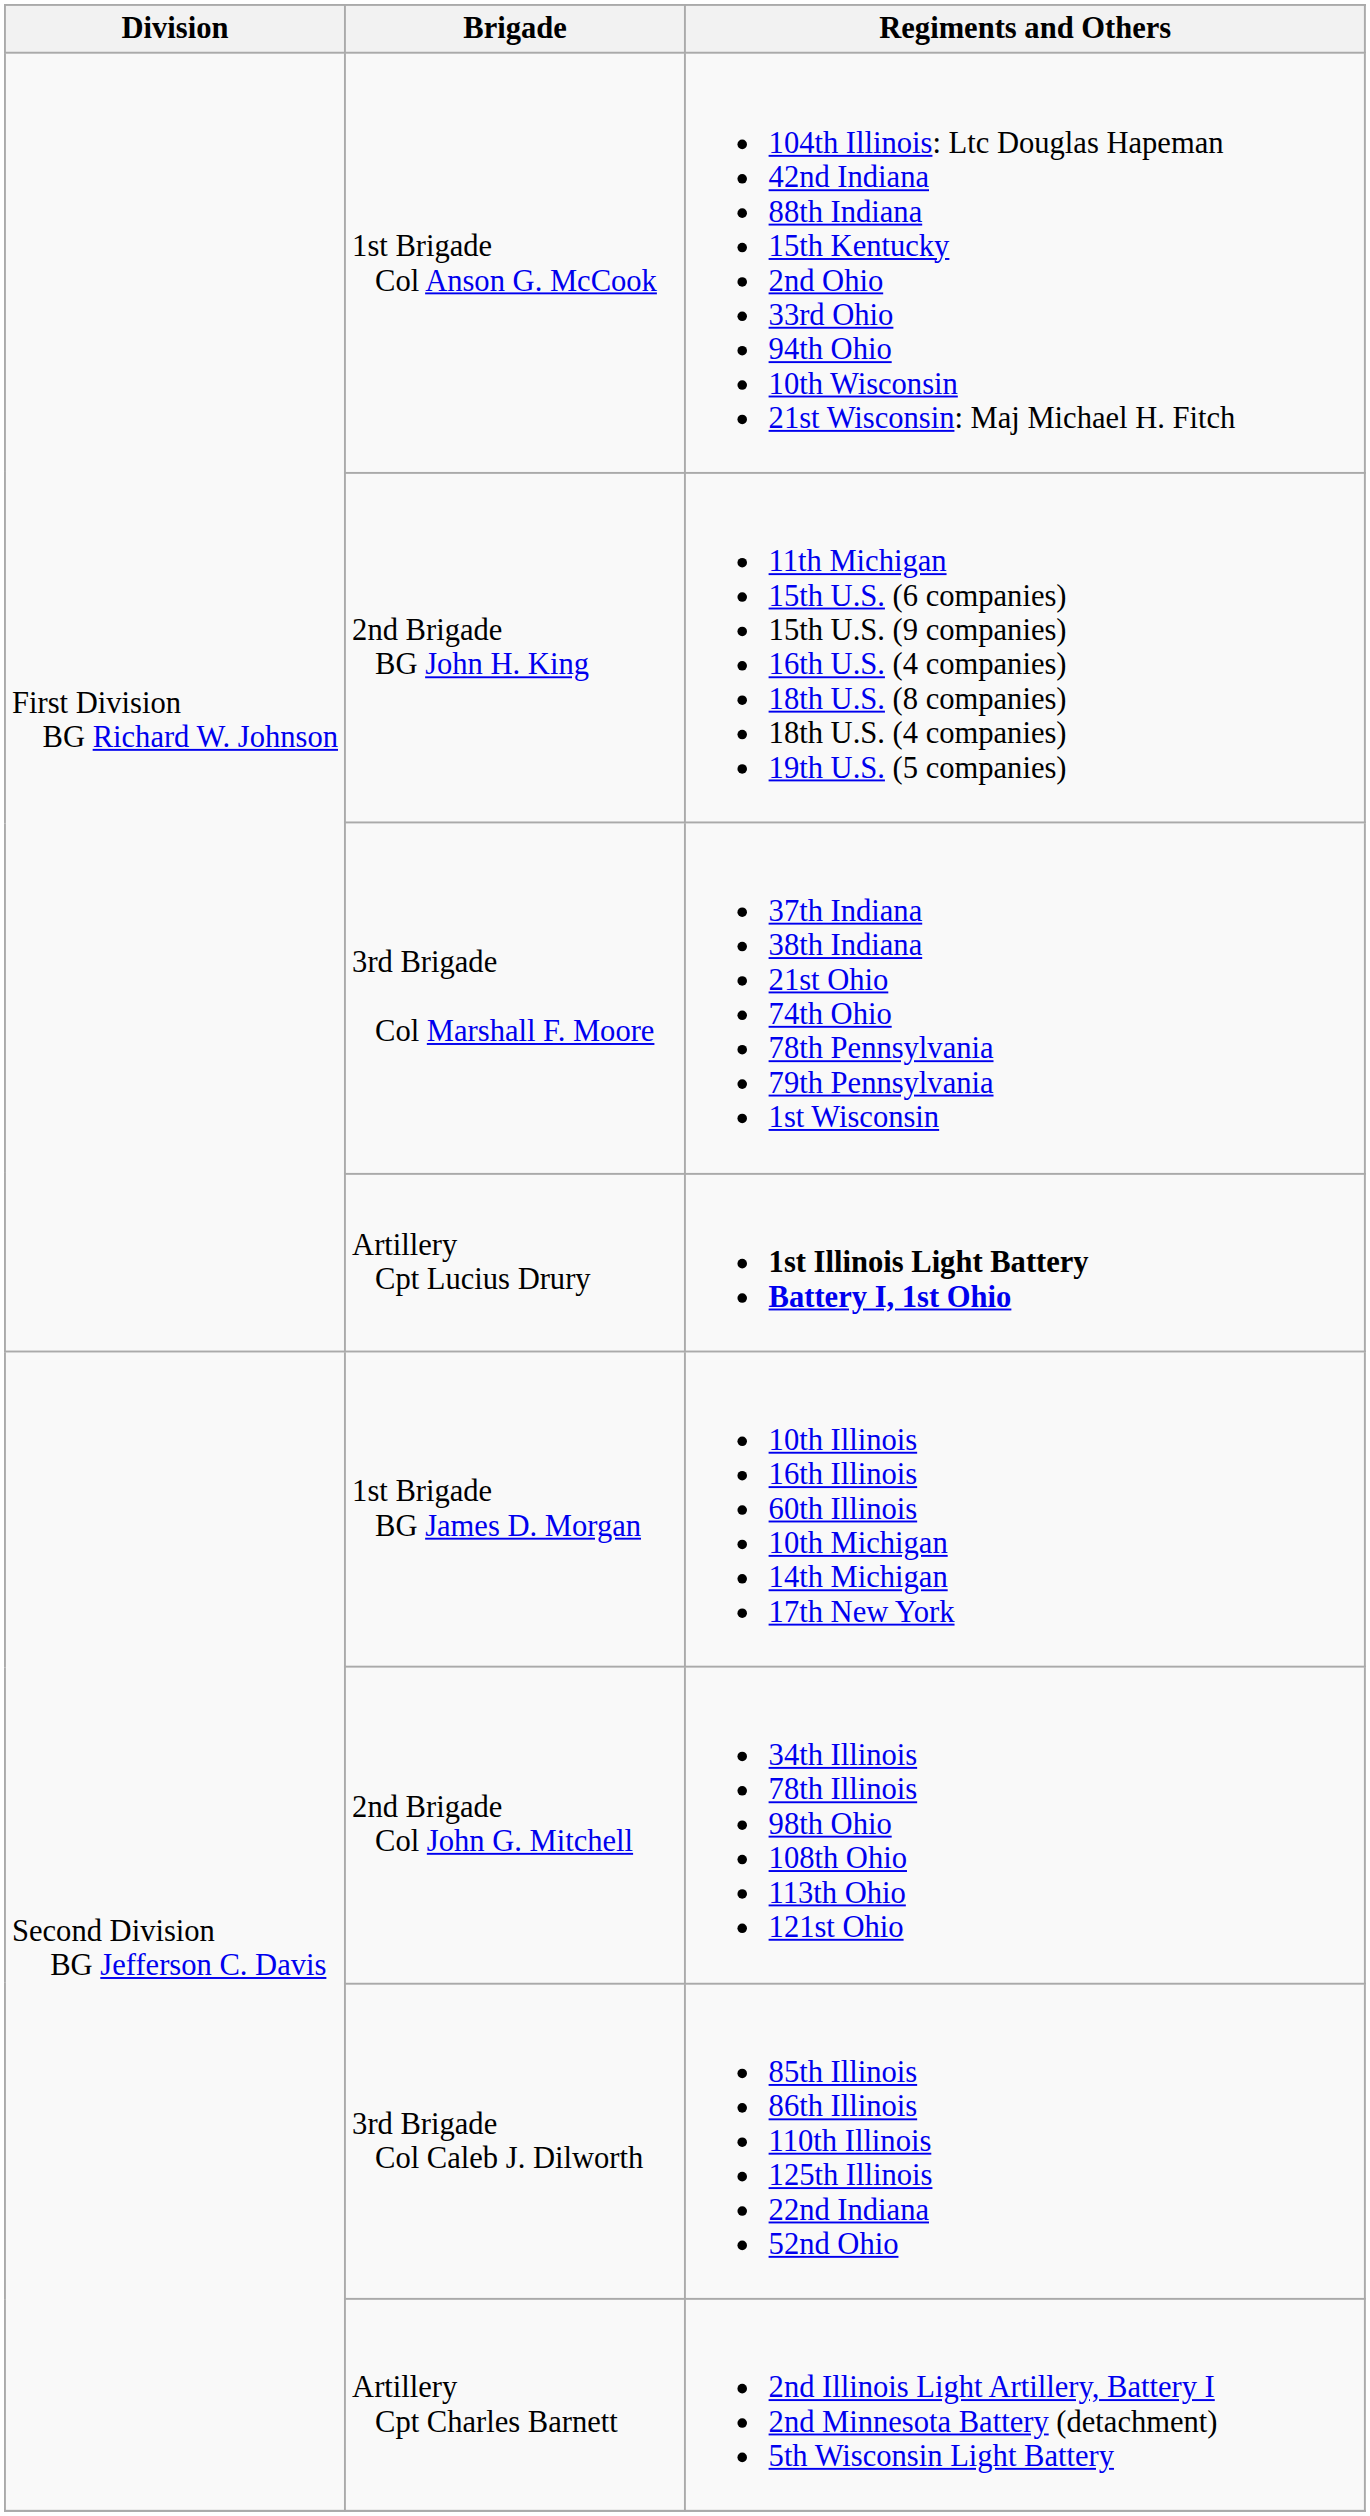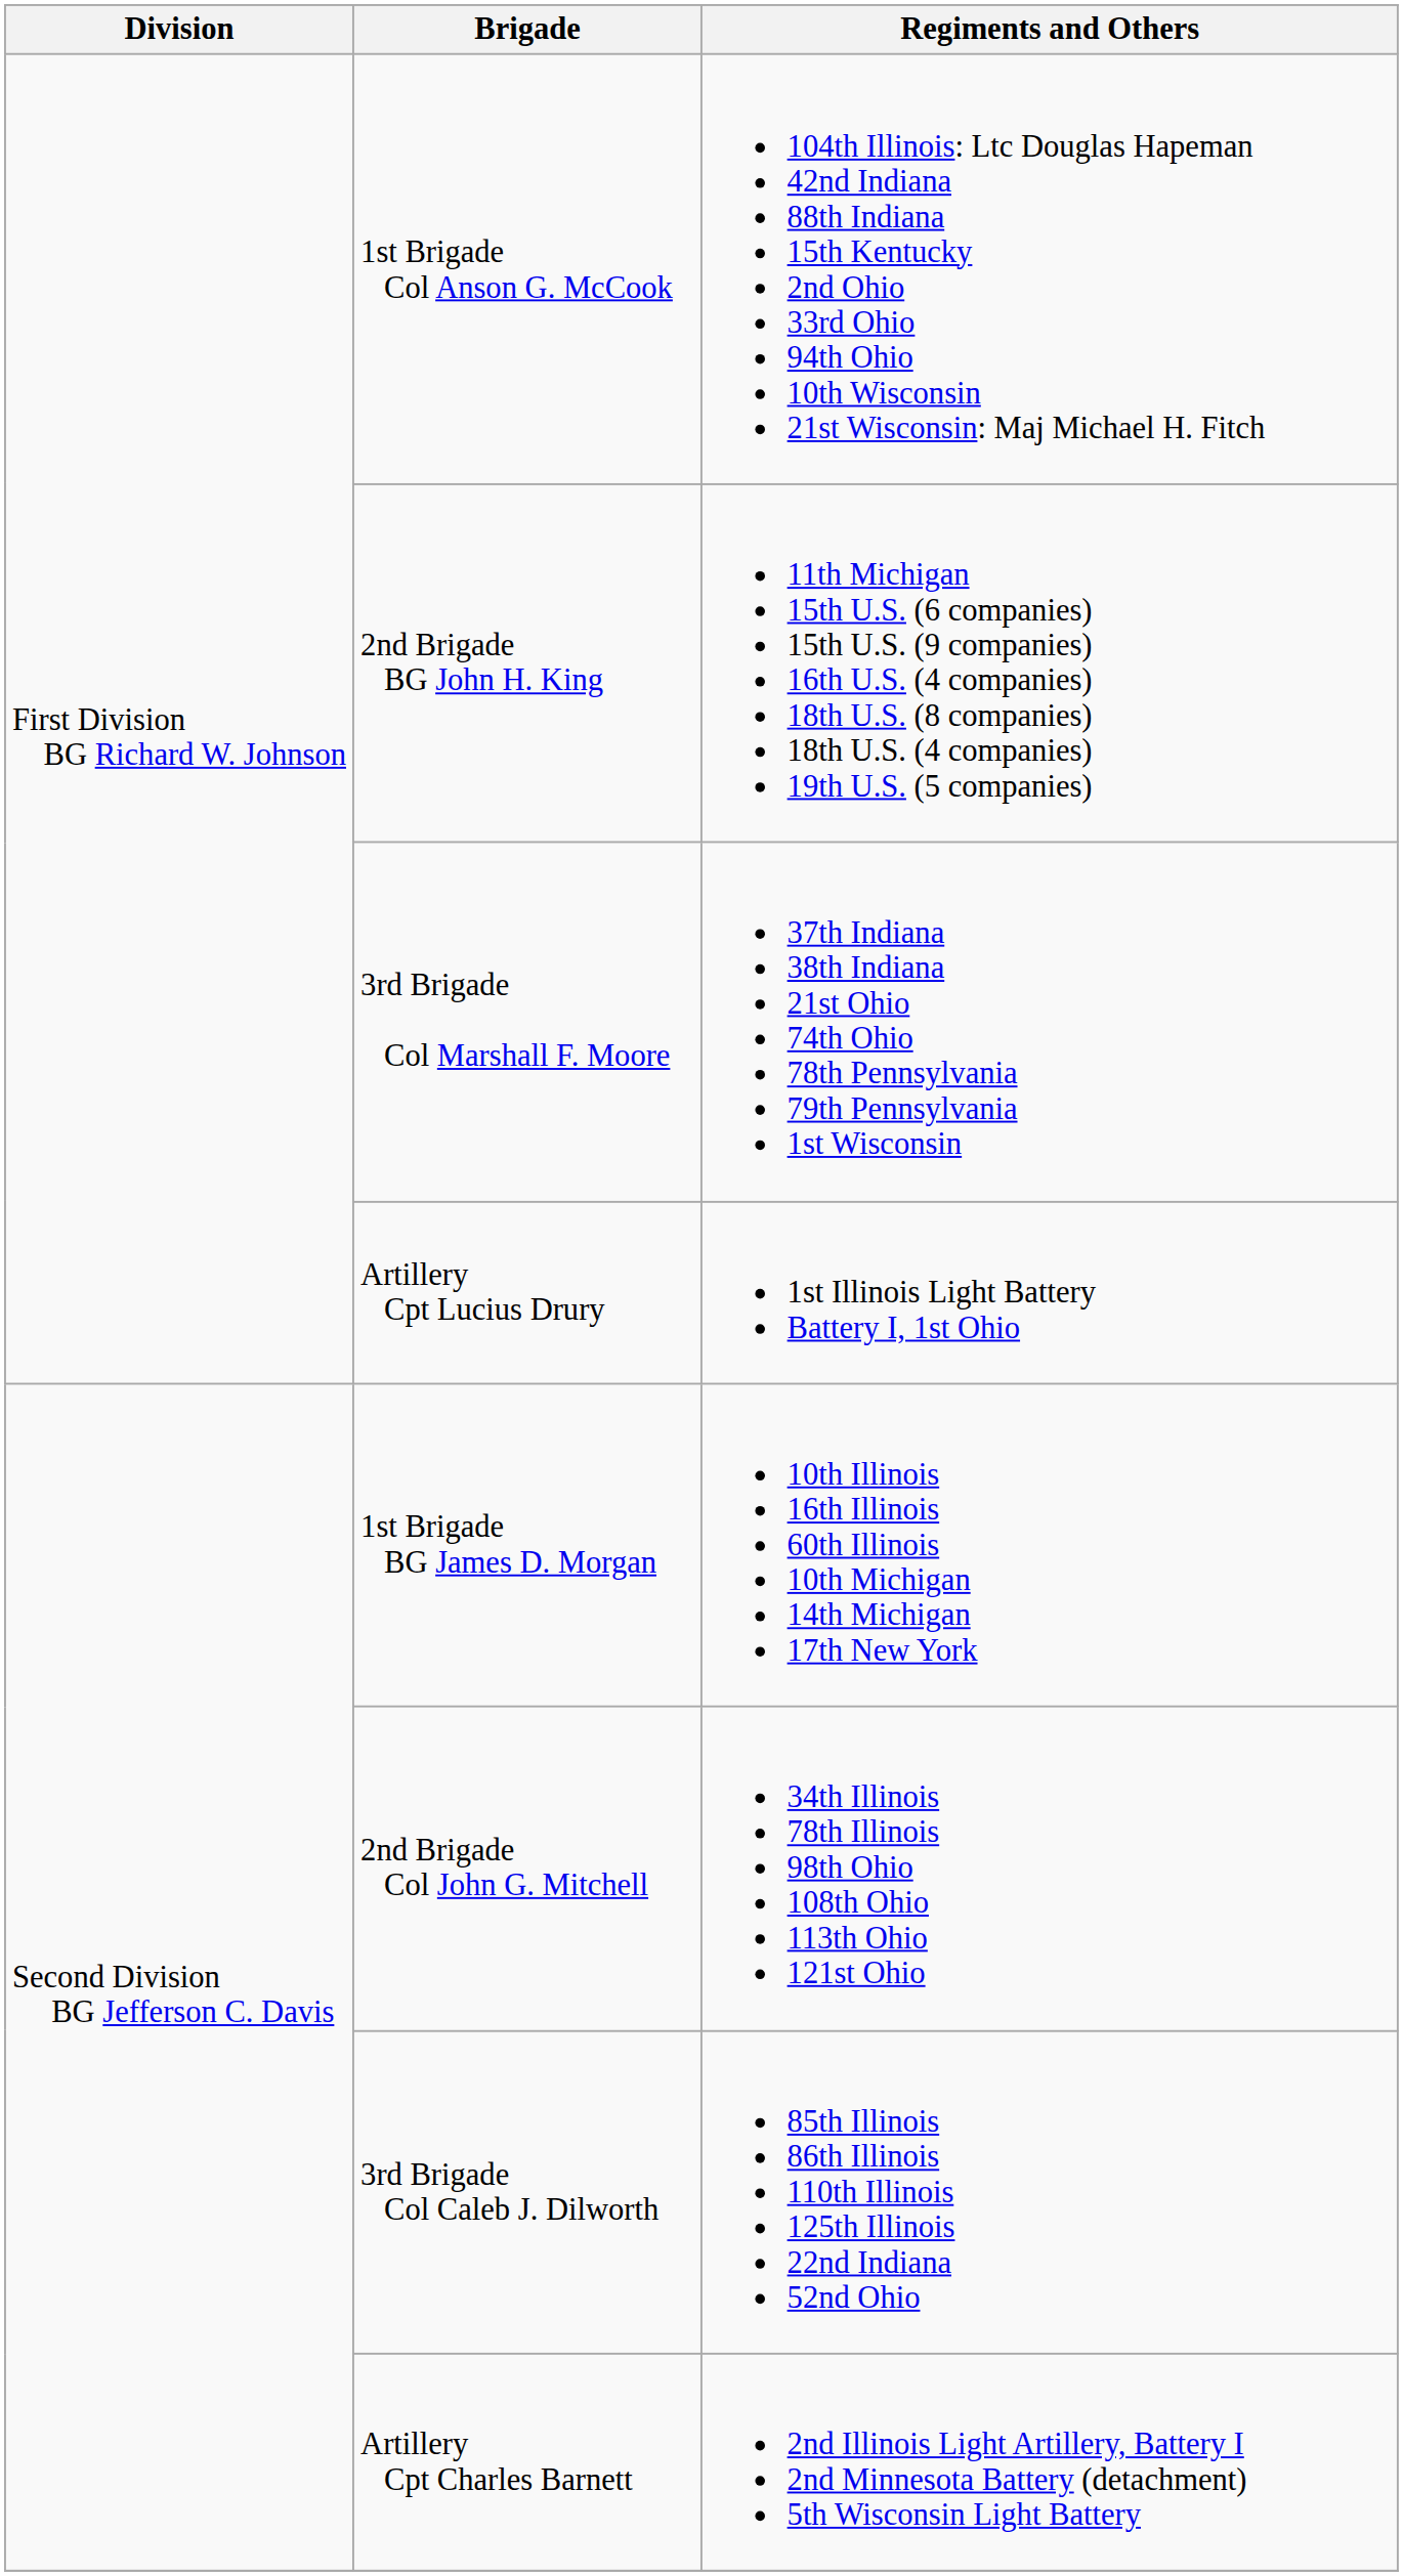 <table class="wikitable">
 <tr>
 <th width=25%>Division</th>
 <th width=25%>Brigade</th>
 <th>Regiments and Others</th>
 </tr>
 <tr>
 <td rowspan=4><br>First Division <br>    BG <a href='#'>Richard W. Johnson</a></td>
 <td>1st Brigade<br>   Col <a href='#'>Anson G. McCook</a></td>
 <td><br><ul><li><a href='#'>104th Illinois</a>: Ltc Douglas Hapeman</li><li><a href='#'>42nd Indiana</a></li><li><a href='#'>88th Indiana</a></li><li><a href='#'>15th Kentucky</a></li><li><a href='#'>2nd Ohio</a></li><li><a href='#'>33rd Ohio</a></li><li><a href='#'>94th Ohio</a></li><li><a href='#'>10th Wisconsin</a></li><li><a href='#'>21st Wisconsin</a>: Maj Michael H. Fitch</li></ul></td>
 </tr>
 <tr>
 <td>2nd Brigade<br>   BG <a href='#'>John H. King</a></td>
 <td><br><ul><li><a href='#'>11th Michigan</a></li><li><a href='#'>15th U.S.</a> (6 companies)</li><li>15th U.S. (9 companies)</li><li><a href='#'>16th U.S.</a> (4 companies)</li><li><a href='#'>18th U.S.</a> (8 companies)</li><li>18th U.S. (4 companies)</li><li><a href='#'>19th U.S.</a> (5 companies)</li></ul></td>
 </tr>
 <tr>
 <td>3rd Brigade<br><br>   Col <a href='#'>Marshall F. Moore</a></td>
 <td><br><ul><li><a href='#'>37th Indiana</a></li><li><a href='#'>38th Indiana</a></li><li><a href='#'>21st Ohio</a></li><li><a href='#'>74th Ohio</a></li><li><a href='#'>78th Pennsylvania</a></li><li><a href='#'>79th Pennsylvania</a></li><li><a href='#'>1st Wisconsin</a></li></ul></td>
 </tr>
 <tr>
 <td>Artillery<br>   Cpt Lucius Drury</td>
-<td><strong><br><ul><li>1st Illinois Light Battery</li><li><a href='#'>Battery I, 1st Ohio</a></li></ul></strong></td>
+<td><br><ul><li>1st Illinois Light Battery</li><li><a href='#'>Battery I, 1st Ohio</a></li></ul></td>
 </tr>
 <tr>
 <td rowspan=4><br>Second Division <br>     BG <a href='#'>Jefferson C. Davis</a></td>
 <td>1st Brigade<br>   BG <a href='#'>James D. Morgan</a></td>
 <td><br><ul><li><a href='#'>10th Illinois</a></li><li><a href='#'>16th Illinois</a></li><li><a href='#'>60th Illinois</a></li><li><a href='#'>10th Michigan</a></li><li><a href='#'>14th Michigan</a></li><li><a href='#'>17th New York</a></li></ul></td>
 </tr>
 <tr>
 <td>2nd Brigade<br>   Col <a href='#'>John G. Mitchell</a></td>
 <td><br><ul><li><a href='#'>34th Illinois</a></li><li><a href='#'>78th Illinois</a></li><li><a href='#'>98th Ohio</a></li><li><a href='#'>108th Ohio</a></li><li><a href='#'>113th Ohio</a></li><li><a href='#'>121st Ohio</a></li></ul></td>
 </tr>
 <tr>
 <td>3rd Brigade<br>   Col Caleb J. Dilworth</td>
 <td><br><ul><li><a href='#'>85th Illinois</a></li><li><a href='#'>86th Illinois</a></li><li><a href='#'>110th Illinois</a></li><li><a href='#'>125th Illinois</a></li><li><a href='#'>22nd Indiana</a></li><li><a href='#'>52nd Ohio</a></li></ul></td>
 </tr>
 <tr>
 <td>Artillery<br>   Cpt Charles Barnett</td>
 <td><br><ul><li><a href='#'>2nd Illinois Light Artillery, Battery I</a></li><li><a href='#'>2nd Minnesota Battery</a> (detachment)</li><li><a href='#'>5th Wisconsin Light Battery</a></li></ul></td>
 </tr>
 <tr>
 </tr>
 </table>
